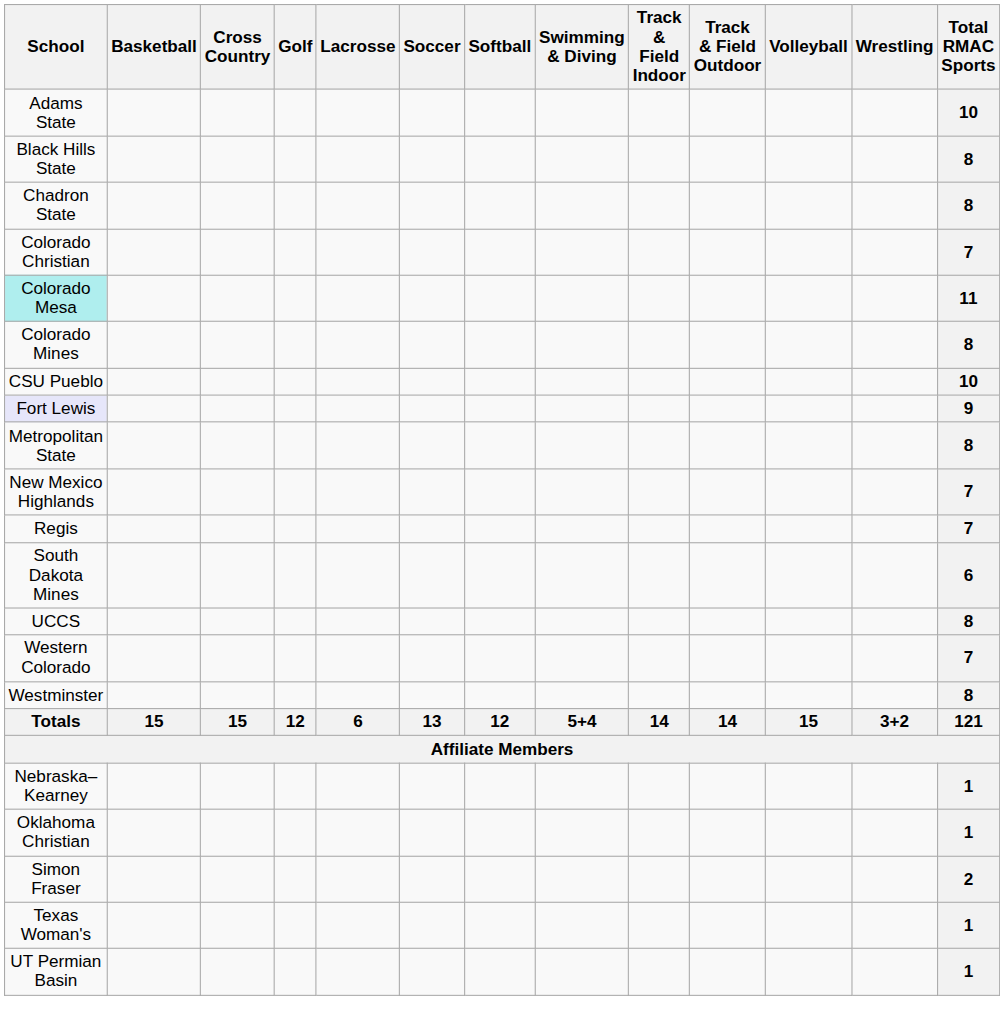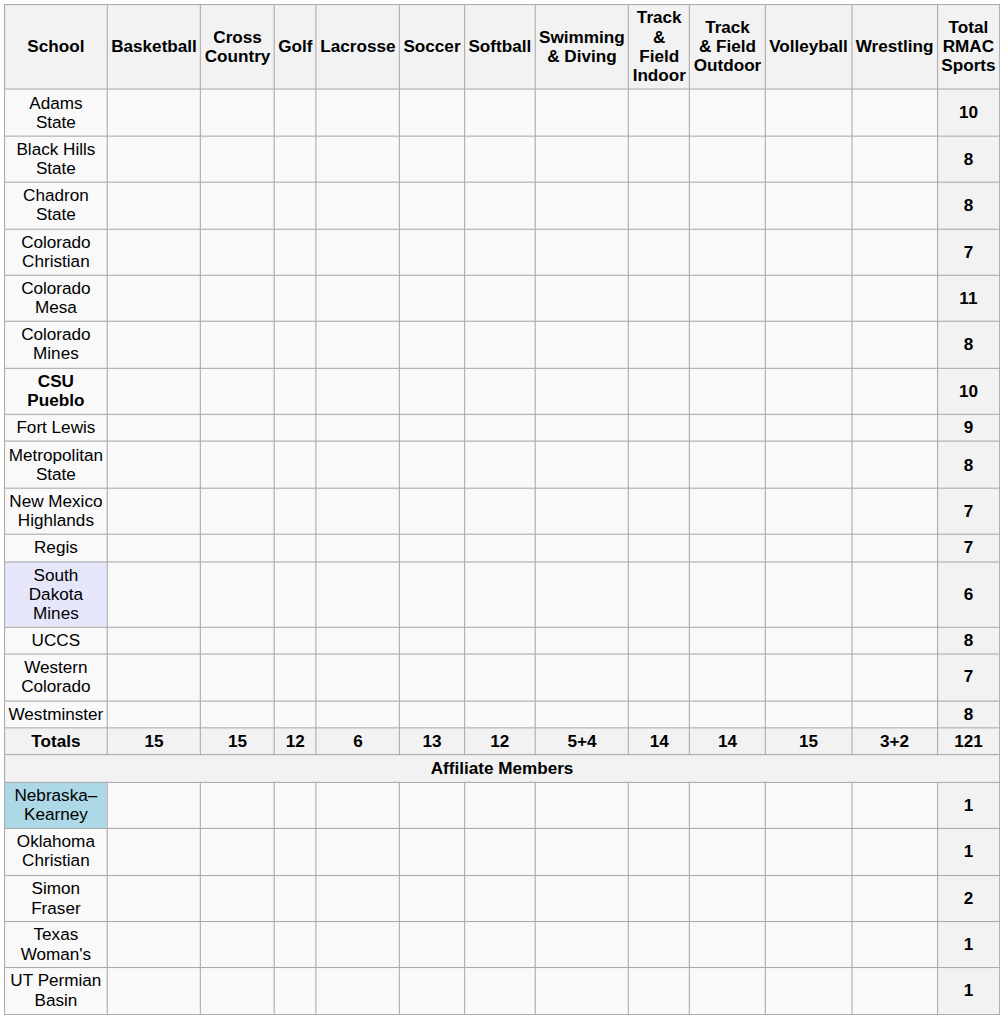 <table class="wikitable" style="text-align:center">
 <tr>
 <th>School</th>
 <th>Basketball</th>
 <th>Cross<br>Country</th>
 <th>Golf</th>
 <th>Lacrosse</th>
 <th>Soccer</th>
 <th>Softball</th>
 <th>Swimming<br>& Diving</th>
 <th>Track<br>& Field<br>Indoor</th>
 <th>Track<br>& Field<br>Outdoor</th>
 <th>Volleyball</th>
 <th>Wrestling</th>
 <th>Total<br>RMAC<br>Sports</th>
 </tr>
 <tr>
 <td>Adams State</td>
 <td></td>
 <td></td>
 <td></td>
 <td></td>
 <td></td>
 <td></td>
 <td></td>
 <td></td>
 <td></td>
 <td></td>
 <td></td>
 <th>10</th>
 </tr>
 <tr>
 <td>Black Hills State</td>
 <td></td>
 <td></td>
 <td></td>
 <td></td>
 <td></td>
 <td></td>
 <td></td>
 <td></td>
 <td></td>
 <td></td>
 <td></td>
 <th>8</th>
 </tr>
 <tr>
 <td>Chadron State</td>
 <td></td>
 <td></td>
 <td></td>
 <td></td>
 <td></td>
 <td></td>
 <td></td>
 <td></td>
 <td></td>
 <td></td>
 <td></td>
 <th>8</th>
 </tr>
 <tr>
 <td>Colorado Christian</td>
 <td></td>
 <td></td>
 <td></td>
 <td></td>
 <td></td>
 <td></td>
 <td></td>
 <td></td>
 <td></td>
 <td></td>
 <td></td>
 <th>7</th>
 </tr>
 <tr>
-<td style="background: paleturquoise;">Colorado Mesa</td>
+<td>Colorado Mesa</td>
 <td></td>
 <td></td>
 <td></td>
 <td></td>
 <td></td>
 <td></td>
 <td></td>
 <td></td>
 <td></td>
 <td></td>
 <td></td>
 <th>11</th>
 </tr>
 <tr>
 <td>Colorado Mines</td>
 <td></td>
 <td></td>
 <td></td>
 <td></td>
 <td></td>
 <td></td>
 <td></td>
 <td></td>
 <td></td>
 <td></td>
 <td></td>
 <th>8</th>
 </tr>
 <tr>
-<td>CSU Pueblo</td>
+<td><strong>CSU Pueblo</strong></td>
 <td></td>
 <td></td>
 <td></td>
 <td></td>
 <td></td>
 <td></td>
 <td></td>
 <td></td>
 <td></td>
 <td></td>
 <td></td>
 <th>10</th>
 </tr>
 <tr>
-<td style="background: lavender;">Fort Lewis</td>
+<td>Fort Lewis</td>
 <td></td>
 <td></td>
 <td></td>
 <td></td>
 <td></td>
 <td></td>
 <td></td>
 <td></td>
 <td></td>
 <td></td>
 <td></td>
 <th>9</th>
 </tr>
 <tr>
 <td>Metropolitan State</td>
 <td></td>
 <td></td>
 <td></td>
 <td></td>
 <td></td>
 <td></td>
 <td></td>
 <td></td>
 <td></td>
 <td></td>
 <td></td>
 <th>8</th>
 </tr>
 <tr>
 <td>New Mexico Highlands</td>
 <td></td>
 <td></td>
 <td></td>
 <td></td>
 <td></td>
 <td></td>
 <td></td>
 <td></td>
 <td></td>
 <td></td>
 <td></td>
 <th>7</th>
 </tr>
 <tr>
 <td>Regis</td>
 <td></td>
 <td></td>
 <td></td>
 <td></td>
 <td></td>
 <td></td>
 <td></td>
 <td></td>
 <td></td>
 <td></td>
 <td></td>
 <th>7</th>
 </tr>
 <tr>
-<td>South Dakota Mines</td>
+<td style="background: lavender;">South Dakota Mines</td>
 <td></td>
 <td></td>
 <td></td>
 <td></td>
 <td></td>
 <td></td>
 <td></td>
 <td></td>
 <td></td>
 <td></td>
 <td></td>
 <th>6</th>
 </tr>
 <tr>
 <td>UCCS</td>
 <td></td>
 <td></td>
 <td></td>
 <td></td>
 <td></td>
 <td></td>
 <td></td>
 <td></td>
 <td></td>
 <td></td>
 <td></td>
 <th>8</th>
 </tr>
 <tr>
 <td>Western Colorado</td>
 <td></td>
 <td></td>
 <td></td>
 <td></td>
 <td></td>
 <td></td>
 <td></td>
 <td></td>
 <td></td>
 <td></td>
 <td></td>
 <th>7</th>
 </tr>
 <tr>
 <td>Westminster</td>
 <td></td>
 <td></td>
 <td></td>
 <td></td>
 <td></td>
 <td></td>
 <td></td>
 <td></td>
 <td></td>
 <td></td>
 <td></td>
 <th>8</th>
 </tr>
 <tr>
 <th>Totals</th>
 <th>15</th>
 <th>15</th>
 <th>12</th>
 <th>6</th>
 <th>13</th>
 <th>12</th>
 <th>5+4</th>
 <th>14</th>
 <th>14</th>
 <th>15</th>
 <th>3+2</th>
 <th>121</th>
 </tr>
 <tr>
 <th colspan=14>Affiliate Members</th>
 </tr>
 <tr>
-<td>Nebraska–Kearney</td>
+<td style="background: lightblue;">Nebraska–Kearney</td>
 <td></td>
 <td></td>
 <td></td>
 <td></td>
 <td></td>
 <td></td>
 <td></td>
 <td></td>
 <td></td>
 <td></td>
 <td></td>
 <th>1</th>
 </tr>
 <tr>
 <td>Oklahoma Christian</td>
 <td></td>
 <td></td>
 <td></td>
 <td></td>
 <td></td>
 <td></td>
 <td></td>
 <td></td>
 <td></td>
 <td></td>
 <td></td>
 <th>1</th>
 </tr>
 <tr>
 <td>Simon Fraser</td>
 <td></td>
 <td></td>
 <td></td>
 <td></td>
 <td></td>
 <td></td>
 <td></td>
 <td></td>
 <td></td>
 <td></td>
 <td></td>
 <th>2</th>
 </tr>
 <tr>
 <td>Texas Woman's</td>
 <td></td>
 <td></td>
 <td></td>
 <td></td>
 <td></td>
 <td></td>
 <td></td>
 <td></td>
 <td></td>
 <td></td>
 <td></td>
 <th>1</th>
 </tr>
 <tr>
 <td>UT Permian Basin</td>
 <td></td>
 <td></td>
 <td></td>
 <td></td>
 <td></td>
 <td></td>
 <td></td>
 <td></td>
 <td></td>
 <td></td>
 <td></td>
 <th>1</th>
 </tr>
 </table>
